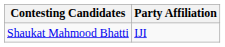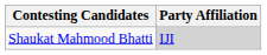 <table class="wikitable sortable">
 <tr>
 <th>Contesting Candidates</th>
 <th>Party Affiliation</th>
 </tr>
 <tr>
 <td><a href='#'>Shaukat Mahmood Bhatti</a></td>
-<td><a href='#'>IJI</a></td>
+<td style="background: lightgrey;"><a href='#'>IJI</a></td>
 </tr>
 </table>
